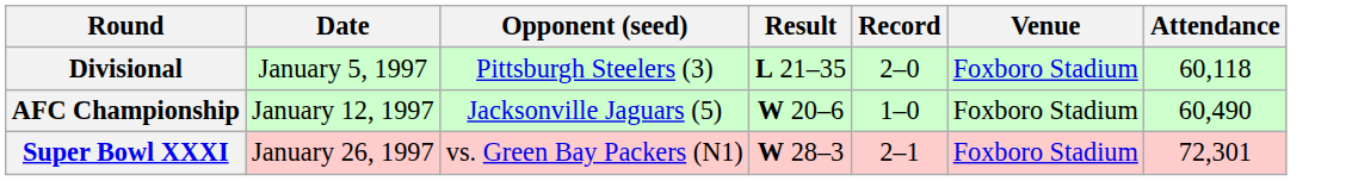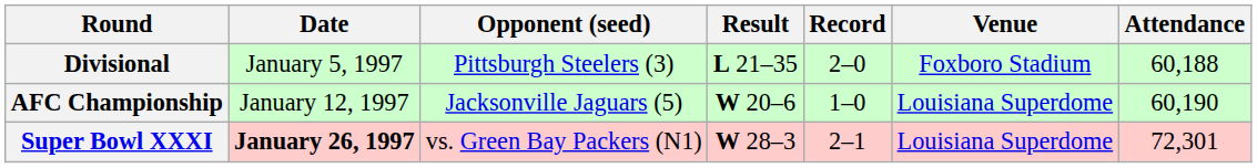 <table class="wikitable" style="text-align:center">
 <tr>
 <th>Round</th>
 <th>Date</th>
 <th>Opponent (seed)</th>
 <th>Result</th>
 <th>Record</th>
 <th>Venue</th>
 <th>Attendance</th>
 </tr>
 <tr style="background:#cfc">
 <th>Divisional</th>
 <td>January 5, 1997</td>
 <td><a href='#'>Pittsburgh Steelers</a> (3)</td>
 <td><strong>L</strong> 21–35</td>
 <td>2–0</td>
 <td><a href='#'>Foxboro Stadium</a></td>
-<td>60,118</td>
+<td>60,188</td>
 </tr>
 <tr style="background:#cfc">
 <th>AFC Championship</th>
 <td>January 12, 1997</td>
 <td><a href='#'>Jacksonville Jaguars</a> (5)</td>
 <td><strong>W</strong> 20–6</td>
 <td>1–0</td>
-<td>Foxboro Stadium</td>
-<td>60,490</td>
+<td><a href='#'>Louisiana Superdome</a></td>
+<td>60,190</td>
 </tr>
 <tr style="background:#fcc">
 <th><a href='#'>Super Bowl XXXI</a></th>
-<td>January 26, 1997</td>
+<td><strong>January 26, 1997</strong></td>
 <td>vs. <a href='#'>Green Bay Packers</a> (N1)</td>
 <td><strong>W</strong> 28–3</td>
 <td>2–1</td>
-<td><a href='#'>Foxboro Stadium</a></td>
+<td><a href='#'>Louisiana Superdome</a></td>
 <td>72,301</td>
 </tr>
 </table>
